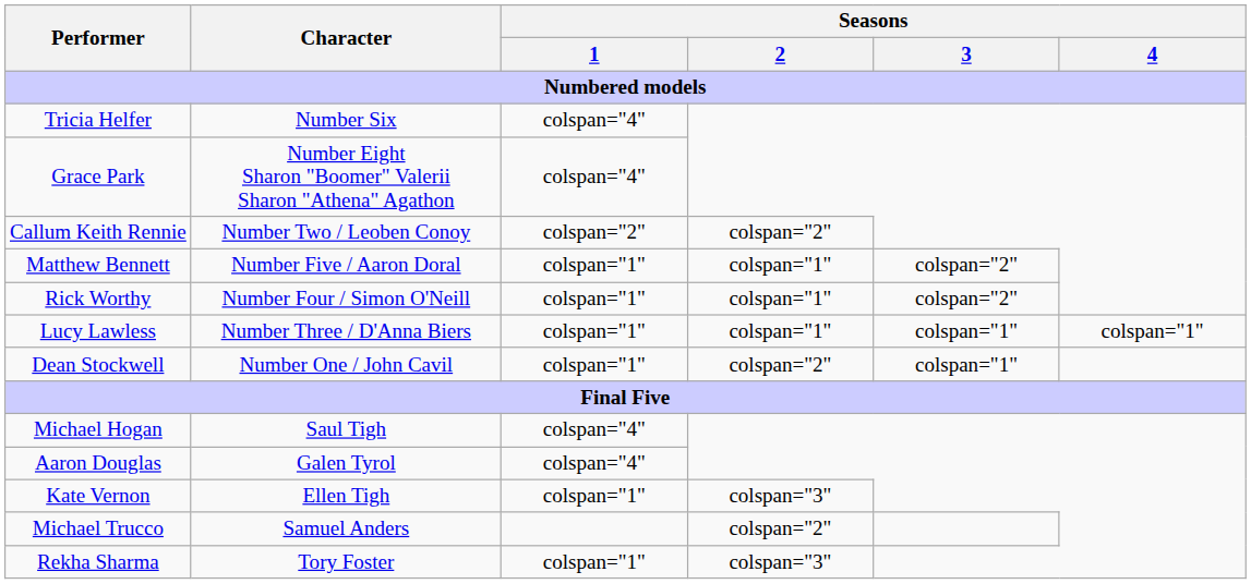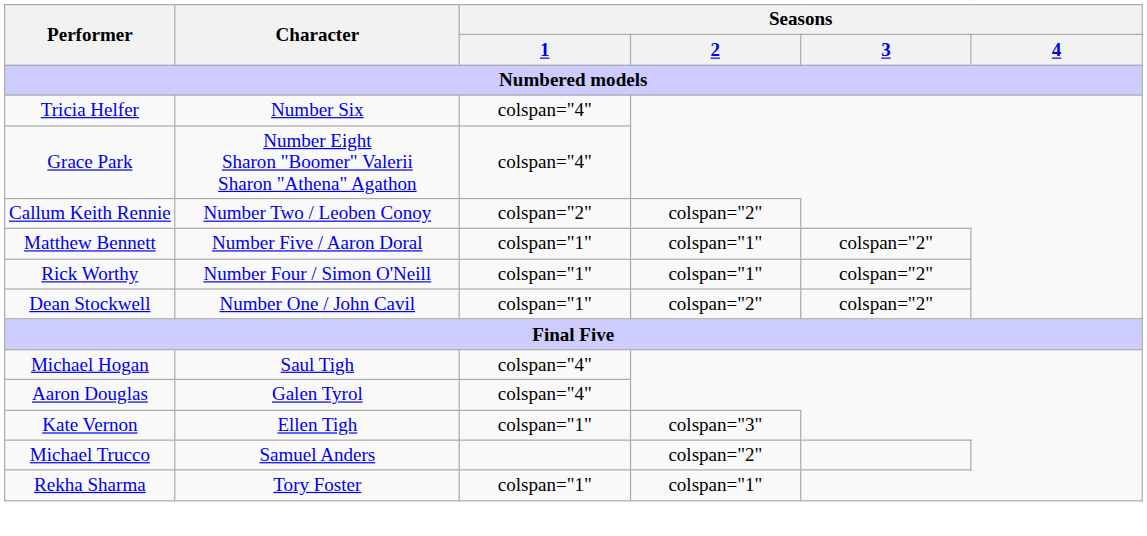 <table class="wikitable" style="text-align: center;">
 <tr>
 <th width="15%" scope="col" rowspan="2">Performer</th>
 <th width="25%" scope="col" rowspan="2">Character</th>
 <th width="25%" scope="col" colspan="4">Seasons</th>
 </tr>
 <tr>
 <th width="15%" scope="col"><a href='#'>1</a></th>
 <th width="15%" scope="col"><a href='#'>2</a></th>
 <th width="15%" scope="col"><a href='#'>3</a></th>
 <th width="15%" scope="col"><a href='#'>4</a></th>
 </tr>
 <tr>
 <td scope="row" colspan="6" style="background-color:#ccccff;"><strong>Numbered models</strong></td>
 </tr>
 <tr>
 <td><a href='#'>Tricia Helfer</a></td>
 <td><a href='#'>Number Six</a></td>
 <td>colspan="4"  </td>
 </tr>
 <tr>
 <td><a href='#'>Grace Park</a></td>
 <td><a href='#'>Number Eight <br> Sharon "Boomer" Valerii <br> Sharon "Athena" Agathon</a></td>
 <td>colspan="4"  </td>
 </tr>
 <tr>
 <td><a href='#'>Callum Keith Rennie</a></td>
 <td><a href='#'>Number Two / Leoben Conoy</a></td>
 <td>colspan="2"  </td>
 <td>colspan="2" </td>
 </tr>
 <tr>
 <td><a href='#'>Matthew Bennett</a></td>
 <td><a href='#'>Number Five / Aaron Doral</a></td>
 <td>colspan="1"  </td>
 <td>colspan="1" </td>
 <td>colspan="2" </td>
 </tr>
 <tr>
 <td><a href='#'>Rick Worthy</a></td>
 <td><a href='#'>Number Four / Simon O'Neill</a></td>
 <td>colspan="1" </td>
 <td>colspan="1"  </td>
 <td>colspan="2" </td>
 </tr>
 <tr>
-<td><a href='#'>Lucy Lawless</a></td>
-<td><a href='#'>Number Three / D'Anna Biers</a></td>
-<td>colspan="1" </td>
-<td>colspan="1"  </td>
-<td>colspan="1" </td>
-<td>colspan="1" </td>
-</tr>
-<tr>
 <td><a href='#'>Dean Stockwell</a></td>
 <td><a href='#'>Number One / John Cavil</a></td>
 <td>colspan="1" </td>
 <td>colspan="2"  </td>
-<td>colspan="1" </td>
+<td>colspan="2" </td>
 </tr>
 <tr>
 <td scope="row" colspan="6" style="background-color:#ccccff;"><strong>Final Five</strong></td>
 </tr>
 <tr>
 <td><a href='#'>Michael Hogan</a></td>
 <td><a href='#'>Saul Tigh</a></td>
 <td>colspan="4" </td>
 </tr>
 <tr>
 <td><a href='#'>Aaron Douglas</a></td>
 <td><a href='#'>Galen Tyrol</a></td>
 <td>colspan="4" </td>
 </tr>
 <tr>
 <td><a href='#'>Kate Vernon</a></td>
 <td><a href='#'>Ellen Tigh</a></td>
 <td>colspan="1"  </td>
 <td>colspan="3" </td>
 </tr>
 <tr>
 <td><a href='#'>Michael Trucco</a></td>
 <td><a href='#'>Samuel Anders</a></td>
 <td></td>
 <td>colspan="2"  </td>
 <td></td>
 </tr>
 <tr>
 <td><a href='#'>Rekha Sharma</a></td>
 <td><a href='#'>Tory Foster</a></td>
 <td>colspan="1" </td>
-<td>colspan="3"  </td>
+<td>colspan="1"  </td>
 </tr>
 </table>
